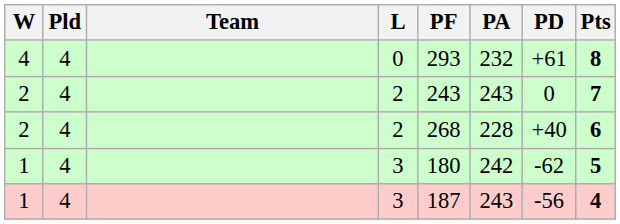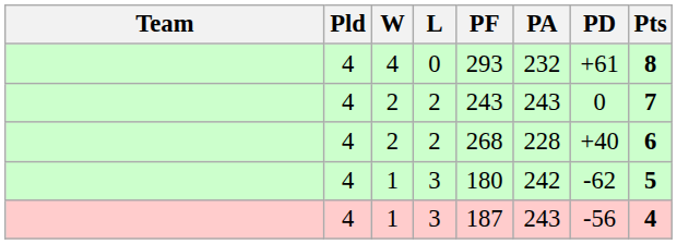 <table class="wikitable" style="text-align:center;">
 <tr>
+<th width=200>Team</th>
+<th width=20>Pld</th>
 <th width=20>W</th>
-<th width=20>Pld</th>
-<th width=200>Team</th>
 <th width=20>L</th>
 <th width=30>PF</th>
 <th width=30>PA</th>
 <th width=30>PD</th>
 <th width=20>Pts</th>
 </tr>
 <tr style="background:#cfc;">
+<td align=left></td>
 <td>4</td>
 <td>4</td>
-<td align=left></td>
 <td>0</td>
 <td>293</td>
 <td>232</td>
 <td>+61</td>
 <td><strong>8</strong></td>
 </tr>
 <tr style="background:#cfc;">
+<td align=left></td>
+<td>4</td>
 <td>2</td>
-<td>4</td>
-<td align=left></td>
 <td>2</td>
 <td>243</td>
 <td>243</td>
 <td>0</td>
 <td><strong>7</strong></td>
 </tr>
 <tr style="background:#cfc;">
+<td align=left></td>
+<td>4</td>
 <td>2</td>
-<td>4</td>
-<td align=left></td>
 <td>2</td>
 <td>268</td>
 <td>228</td>
 <td>+40</td>
 <td><strong>6</strong></td>
 </tr>
 <tr style="background:#cfc;">
+<td align=left></td>
+<td>4</td>
 <td>1</td>
-<td>4</td>
-<td align=left></td>
 <td>3</td>
 <td>180</td>
 <td>242</td>
 <td>-62</td>
 <td><strong>5</strong></td>
 </tr>
 <tr style="background:#fcc;">
+<td align=left></td>
+<td>4</td>
 <td>1</td>
-<td>4</td>
-<td align=left></td>
 <td>3</td>
 <td>187</td>
 <td>243</td>
 <td>-56</td>
 <td><strong>4</strong></td>
 </tr>
 </table>
